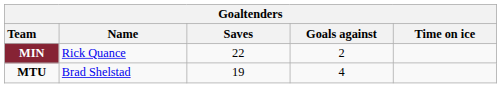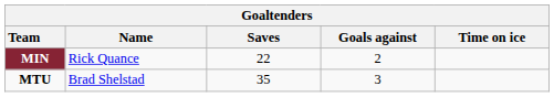 <table class="wikitable" style="width:40em; text-align:right;">
 <tr>
 <th colspan=5>Goaltenders</th>
 </tr>
 <tr>
 <th style="width:4em; text-align:left;">Team</th>
 <th style="width:10em;">Name</th>
 <th style="width:8em;">Saves</th>
 <th style="width:8em;">Goals against</th>
 <th style="width:8em;">Time on ice</th>
 </tr>
 <tr>
 <td align=center style="color:white; background:#862334; "><strong>MIN</strong></td>
 <td style="text-align:left;"><a href='#'>Rick Quance</a></td>
 <td align=center>22</td>
 <td align=center>2</td>
 <td align=center></td>
 </tr>
 <tr>
 <td align=center><strong>MTU</strong></td>
 <td style="text-align:left;"><a href='#'>Brad Shelstad</a></td>
-<td align=center>19</td>
-<td align=center>4</td>
+<td align=center>35</td>
+<td align=center>3</td>
 <td align=center></td>
 </tr>
 </table>
